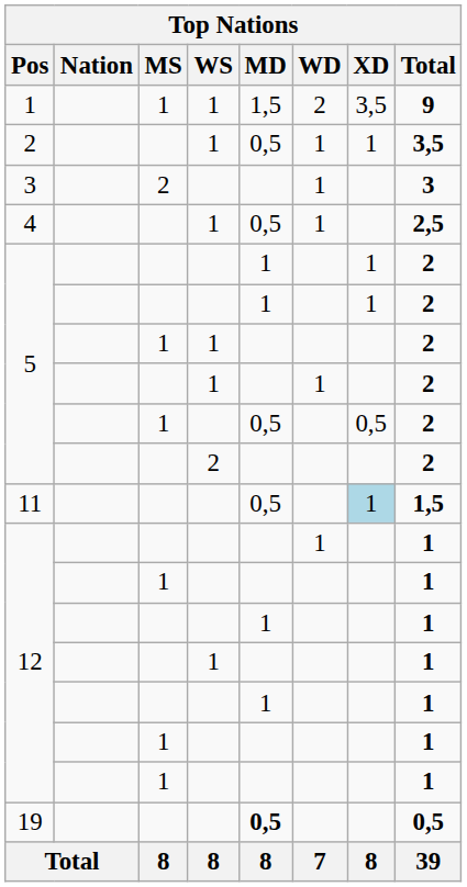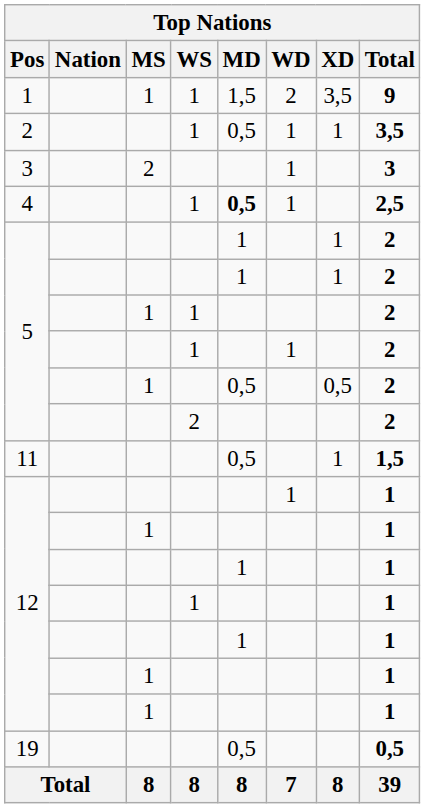 <table class="wikitable" style="text-align:center">
 <tr>
 <th colspan="10">Top Nations</th>
 </tr>
 <tr>
 <th>Pos</th>
 <th>Nation</th>
 <th>MS</th>
 <th>WS</th>
 <th>MD</th>
 <th>WD</th>
 <th>XD</th>
 <th>Total</th>
 </tr>
 <tr>
 <td>1</td>
 <td align="left"></td>
 <td>1</td>
 <td>1</td>
 <td>1,5</td>
 <td>2</td>
 <td>3,5</td>
 <td><strong>9</strong></td>
 </tr>
 <tr>
 <td>2</td>
 <td align="left"></td>
 <td></td>
 <td>1</td>
 <td>0,5</td>
 <td>1</td>
 <td>1</td>
 <td><strong>3,5</strong></td>
 </tr>
 <tr>
 <td>3</td>
 <td align="left"></td>
 <td>2</td>
 <td></td>
 <td></td>
 <td>1</td>
 <td></td>
 <td><strong>3</strong></td>
 </tr>
 <tr>
 <td>4</td>
 <td align="left"></td>
 <td></td>
 <td>1</td>
-<td>0,5</td>
+<td><strong>0,5</strong></td>
 <td>1</td>
 <td></td>
 <td><strong>2,5</strong></td>
 </tr>
 <tr>
 <td rowspan="6">5</td>
 <td align="left"></td>
 <td></td>
 <td></td>
 <td>1</td>
 <td></td>
 <td>1</td>
 <td><strong>2</strong></td>
 </tr>
 <tr>
 <td align="left"><strong></strong></td>
 <td></td>
 <td></td>
 <td>1</td>
 <td></td>
 <td>1</td>
 <td><strong>2</strong></td>
 </tr>
 <tr>
 <td align="left"></td>
 <td>1</td>
 <td>1</td>
 <td></td>
 <td></td>
 <td></td>
 <td><strong>2</strong></td>
 </tr>
 <tr>
 <td align="left"></td>
 <td></td>
 <td>1</td>
 <td></td>
 <td>1</td>
 <td></td>
 <td><strong>2</strong></td>
 </tr>
 <tr>
 <td align="left"></td>
 <td>1</td>
 <td></td>
 <td>0,5</td>
 <td></td>
 <td>0,5</td>
 <td><strong>2</strong></td>
 </tr>
 <tr>
 <td align="left"></td>
 <td></td>
 <td>2</td>
 <td></td>
 <td></td>
 <td></td>
 <td><strong>2</strong></td>
 </tr>
 <tr>
 <td>11</td>
 <td align="left"></td>
 <td></td>
 <td></td>
 <td>0,5</td>
 <td></td>
-<td style="background: lightblue;">1</td>
+<td>1</td>
 <td><strong>1,5</strong></td>
 </tr>
 <tr>
 <td rowspan="7">12</td>
 <td align="left"></td>
 <td></td>
 <td></td>
 <td></td>
 <td>1</td>
 <td></td>
 <td><strong>1</strong></td>
 </tr>
 <tr>
 <td align="left"></td>
 <td>1</td>
 <td></td>
 <td></td>
 <td></td>
 <td></td>
 <td><strong>1</strong></td>
 </tr>
 <tr>
 <td align="left"></td>
 <td></td>
 <td></td>
 <td>1</td>
 <td></td>
 <td></td>
 <td><strong>1</strong></td>
 </tr>
 <tr>
 <td align="left"></td>
 <td></td>
 <td>1</td>
 <td></td>
 <td></td>
 <td></td>
 <td><strong>1</strong></td>
 </tr>
 <tr>
 <td align="left"></td>
 <td></td>
 <td></td>
 <td>1</td>
 <td></td>
 <td></td>
 <td><strong>1</strong></td>
 </tr>
 <tr>
 <td align="left"></td>
 <td>1</td>
 <td></td>
 <td></td>
 <td></td>
 <td></td>
 <td><strong>1</strong></td>
 </tr>
 <tr>
 <td align="left"></td>
 <td>1</td>
 <td></td>
 <td></td>
 <td></td>
 <td></td>
 <td><strong>1</strong></td>
 </tr>
 <tr>
 <td>19</td>
 <td align="left"></td>
 <td></td>
 <td></td>
-<td><strong>0,5</strong></td>
+<td>0,5</td>
 <td></td>
 <td></td>
 <td><strong>0,5</strong></td>
 </tr>
 <tr>
 <th colspan="2">Total</th>
 <th>8</th>
 <th>8</th>
 <th>8</th>
 <th>7</th>
 <th>8</th>
 <th><strong>39</strong></th>
 </tr>
 </table>
